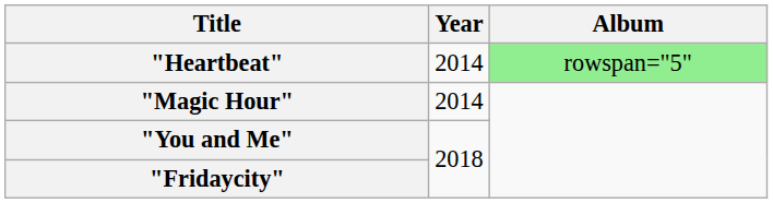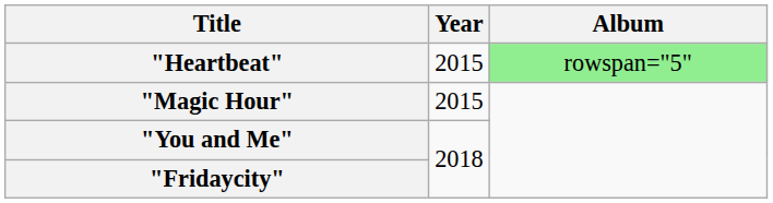 <table class="wikitable plainrowheaders" style="text-align:center">
 <tr>
 <th scope="col" style="width:17em;">Title</th>
 <th scope="col">Year</th>
 <th scope="col" style="width:11em;">Album</th>
 </tr>
 <tr>
 <th scope="row">"Heartbeat"<br></th>
-<td>2014</td>
+<td>2015</td>
 <td style="background: lightgreen;">rowspan="5" </td>
 </tr>
 <tr>
 <th scope="row">"Magic Hour"<br></th>
-<td>2014</td>
+<td>2015</td>
 </tr>
 <tr>
 <th scope="row">"You and Me"<br></th>
 <td rowspan="2">2018</td>
 </tr>
 <tr>
 <th scope="row">"Fridaycity"<br></th>
 </tr>
 </table>
